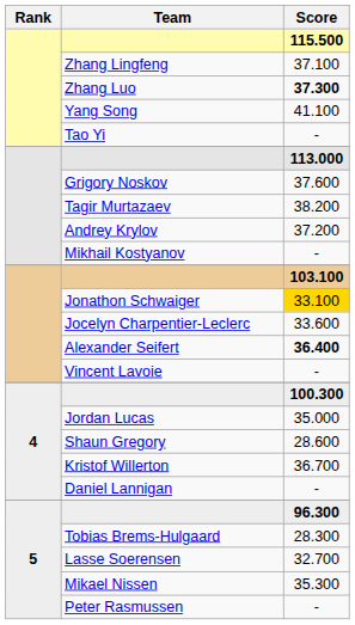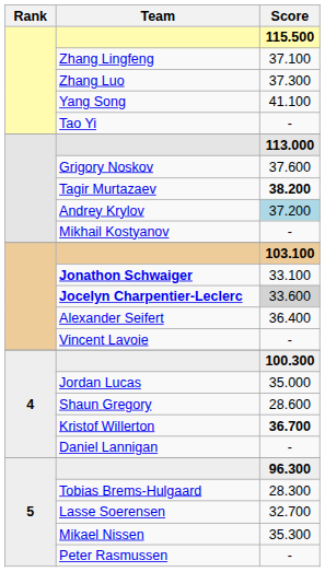 <table class="wikitable" style="text-align:center; font-size:95%">
 <tr>
 <th style="width:50px;">Rank</th>
 <th style="width:220px;">Team</th>
 <th style="width:60px;">Score</th>
 </tr>
 <tr style="background:#fffcaf;">
 <td rowspan=5></td>
 <td style="text-align:left;"><strong></strong></td>
 <td><strong>115.500</strong></td>
 </tr>
 <tr>
 <td style="text-align:left;"><a href='#'>Zhang Lingfeng</a></td>
 <td>37.100</td>
 </tr>
 <tr>
 <td style="text-align:left;"><a href='#'>Zhang Luo</a></td>
-<td><strong>37.300</strong></td>
+<td>37.300</td>
 </tr>
 <tr>
 <td style="text-align:left;"><a href='#'>Yang Song</a></td>
 <td>41.100</td>
 </tr>
 <tr>
 <td style="text-align:left;"><a href='#'>Tao Yi</a></td>
 <td>-</td>
 </tr>
 <tr>
 </tr>
 <tr style="background:#e5e5e5;">
 <td rowspan=5></td>
 <td style="text-align:left;"><strong></strong></td>
 <td><strong>113.000</strong></td>
 </tr>
 <tr>
 <td style="text-align:left;"><a href='#'>Grigory Noskov</a></td>
 <td>37.600</td>
 </tr>
 <tr>
 <td style="text-align:left;"><a href='#'>Tagir Murtazaev</a></td>
-<td>38.200</td>
+<td><strong>38.200</strong></td>
 </tr>
 <tr>
 <td style="text-align:left;"><a href='#'>Andrey Krylov</a></td>
-<td>37.200</td>
+<td style="background: lightblue;">37.200</td>
 </tr>
 <tr>
 <td style="text-align:left;"><a href='#'>Mikhail Kostyanov</a></td>
 <td>-</td>
 </tr>
 <tr>
 </tr>
 <tr style="background:#ec9;">
 <td rowspan=5></td>
 <td style="text-align:left;"><strong></strong></td>
 <td><strong>103.100</strong></td>
 </tr>
 <tr>
-<td style="text-align:left;"><a href='#'>Jonathon Schwaiger</a></td>
-<td style="background: gold;">33.100</td>
+<td style="text-align:left;"><strong><a href='#'>Jonathon Schwaiger</a></strong></td>
+<td>33.100</td>
 </tr>
 <tr>
-<td style="text-align:left;"><a href='#'>Jocelyn Charpentier-Leclerc</a></td>
-<td>33.600</td>
+<td style="text-align:left;"><strong><a href='#'>Jocelyn Charpentier-Leclerc</a></strong></td>
+<td style="background: lightgrey;">33.600</td>
 </tr>
 <tr>
 <td style="text-align:left;"><a href='#'>Alexander Seifert</a></td>
-<td><strong>36.400</strong></td>
+<td>36.400</td>
 </tr>
 <tr>
 <td style="text-align:left;"><a href='#'>Vincent Lavoie</a></td>
 <td>-</td>
 </tr>
 <tr>
 </tr>
 <tr style="background:#eee;">
 <td rowspan=5><strong>4</strong></td>
 <td style="text-align:left;"><strong></strong></td>
 <td><strong>100.300</strong></td>
 </tr>
 <tr>
 <td style="text-align:left;"><a href='#'>Jordan Lucas</a></td>
 <td>35.000</td>
 </tr>
 <tr>
 <td style="text-align:left;"><a href='#'>Shaun Gregory</a></td>
 <td>28.600</td>
 </tr>
 <tr>
 <td style="text-align:left;"><a href='#'>Kristof Willerton</a></td>
-<td>36.700</td>
+<td><strong>36.700</strong></td>
 </tr>
 <tr>
 <td style="text-align:left;"><a href='#'>Daniel Lannigan</a></td>
 <td>-</td>
 </tr>
 <tr>
 </tr>
 <tr style="background:#eee;">
 <td rowspan=5><strong>5</strong></td>
 <td style="text-align:left;"><strong></strong></td>
 <td><strong>96.300</strong></td>
 </tr>
 <tr>
 <td style="text-align:left;"><a href='#'>Tobias Brems-Hulgaard</a></td>
 <td>28.300</td>
 </tr>
 <tr>
 <td style="text-align:left;"><a href='#'>Lasse Soerensen</a></td>
 <td>32.700</td>
 </tr>
 <tr>
 <td style="text-align:left;"><a href='#'>Mikael Nissen</a></td>
 <td>35.300</td>
 </tr>
 <tr>
 <td style="text-align:left;"><a href='#'>Peter Rasmussen</a></td>
 <td>-</td>
 </tr>
 </table>
